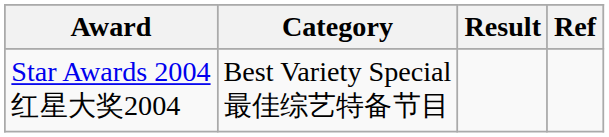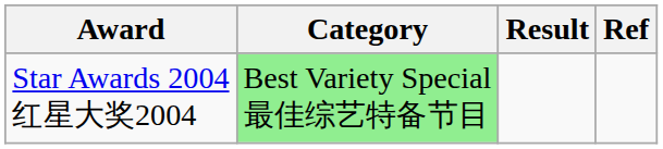 <table class="wikitable sortable">
 <tr style="background:#ccc; text-align:center;">
 <th>Award</th>
 <th>Category</th>
 <th>Result</th>
 <th>Ref</th>
 </tr>
 <tr>
 <td><a href='#'>Star Awards 2004</a><br>红星大奖2004</td>
-<td>Best Variety Special<br>最佳综艺特备节目</td>
+<td style="background: lightgreen;">Best Variety Special<br>最佳综艺特备节目</td>
 <td></td>
 </tr>
 </table>
